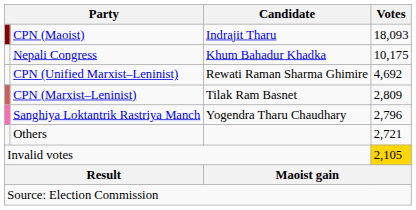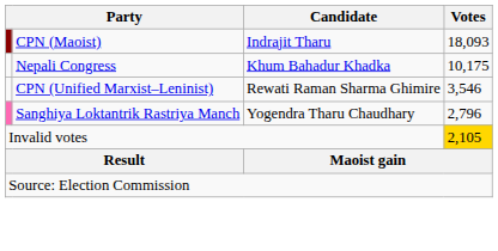 <table class="wikitable">
 <tr>
 <th colspan="2">Party</th>
 <th>Candidate</th>
 <th>Votes</th>
 </tr>
 <tr>
 <td style="background-color:darkred"></td>
 <td><a href='#'>CPN (Maoist)</a></td>
 <td><a href='#'>Indrajit Tharu</a></td>
 <td>18,093</td>
 </tr>
 <tr>
 <td style="background-color:"></td>
 <td><a href='#'>Nepali Congress</a></td>
 <td><a href='#'>Khum Bahadur Khadka</a></td>
 <td>10,175</td>
 </tr>
 <tr>
 <td style="background-color:"></td>
 <td><a href='#'>CPN (Unified Marxist–Leninist)</a></td>
 <td>Rewati Raman Sharma Ghimire</td>
-<td>4,692</td>
-</tr>
-<tr>
-<td style="background-color:indianred"></td>
-<td><a href='#'>CPN (Marxist–Leninist)</a></td>
-<td>Tilak Ram Basnet</td>
-<td>2,809</td>
+<td>3,546</td>
 </tr>
 <tr>
 <td style="background-color:hotpink"></td>
 <td><a href='#'>Sanghiya Loktantrik Rastriya Manch</a></td>
 <td>Yogendra Tharu Chaudhary</td>
 <td>2,796</td>
-</tr>
-<tr>
-<td></td>
-<td>Others</td>
-<td></td>
-<td>2,721</td>
 </tr>
 <tr>
 <td colspan="3">Invalid votes</td>
 <td style="background: gold;">2,105</td>
 </tr>
 <tr>
 <th colspan="2">Result</th>
 <th colspan="2">Maoist gain</th>
 </tr>
 <tr>
 <td colspan="4">Source: Election Commission</td>
 </tr>
 </table>
